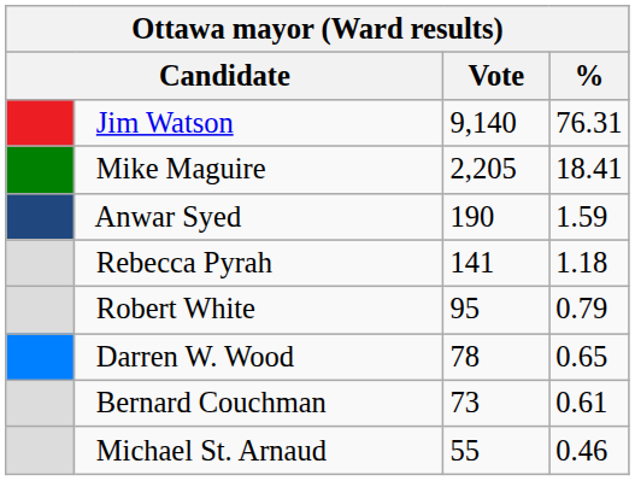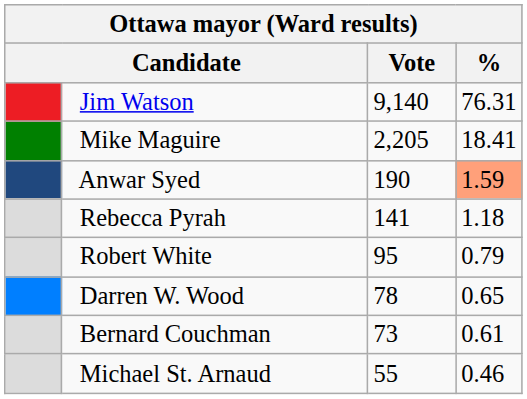 <table class="wikitable">
 <tr>
 <th colspan="4">Ottawa mayor (Ward results)</th>
 </tr>
 <tr>
 <th width="230" bgcolor="#ddddff" colspan="2">Candidate</th>
 <th width="50" bgcolor="#ddddff">Vote</th>
 <th width="30" bgcolor="#ddddff">%</th>
 </tr>
 <tr>
 <td width="30" bgcolor="#ed1d24"> </td>
 <td>  <a href='#'>Jim Watson</a></td>
 <td>9,140</td>
 <td>76.31</td>
 </tr>
 <tr>
 <td width="30" bgcolor="#008000"> </td>
 <td>  Mike Maguire</td>
 <td>2,205</td>
 <td>18.41</td>
 </tr>
 <tr>
 <td width="30" bgcolor="#20487e"> </td>
 <td>  Anwar Syed</td>
 <td>190</td>
-<td>1.59</td>
+<td style="background: lightsalmon;">1.59</td>
 </tr>
 <tr>
 <td width="30" bgcolor="#dcdcdc"> </td>
 <td>  Rebecca Pyrah</td>
 <td>141</td>
 <td>1.18</td>
 </tr>
 <tr>
 <td width="30" bgcolor="#dcdcdc"> </td>
 <td>  Robert White</td>
 <td>95</td>
 <td>0.79</td>
 </tr>
 <tr>
 <td width="30" bgcolor="#007fff"> </td>
 <td>  Darren W. Wood</td>
 <td>78</td>
 <td>0.65</td>
 </tr>
 <tr>
 <td width="30" bgcolor="#dcdcdc"> </td>
 <td>  Bernard Couchman</td>
 <td>73</td>
 <td>0.61</td>
 </tr>
 <tr>
 <td width="30" bgcolor="#dcdcdc"> </td>
 <td>  Michael St. Arnaud</td>
 <td>55</td>
 <td>0.46</td>
 </tr>
 </table>
